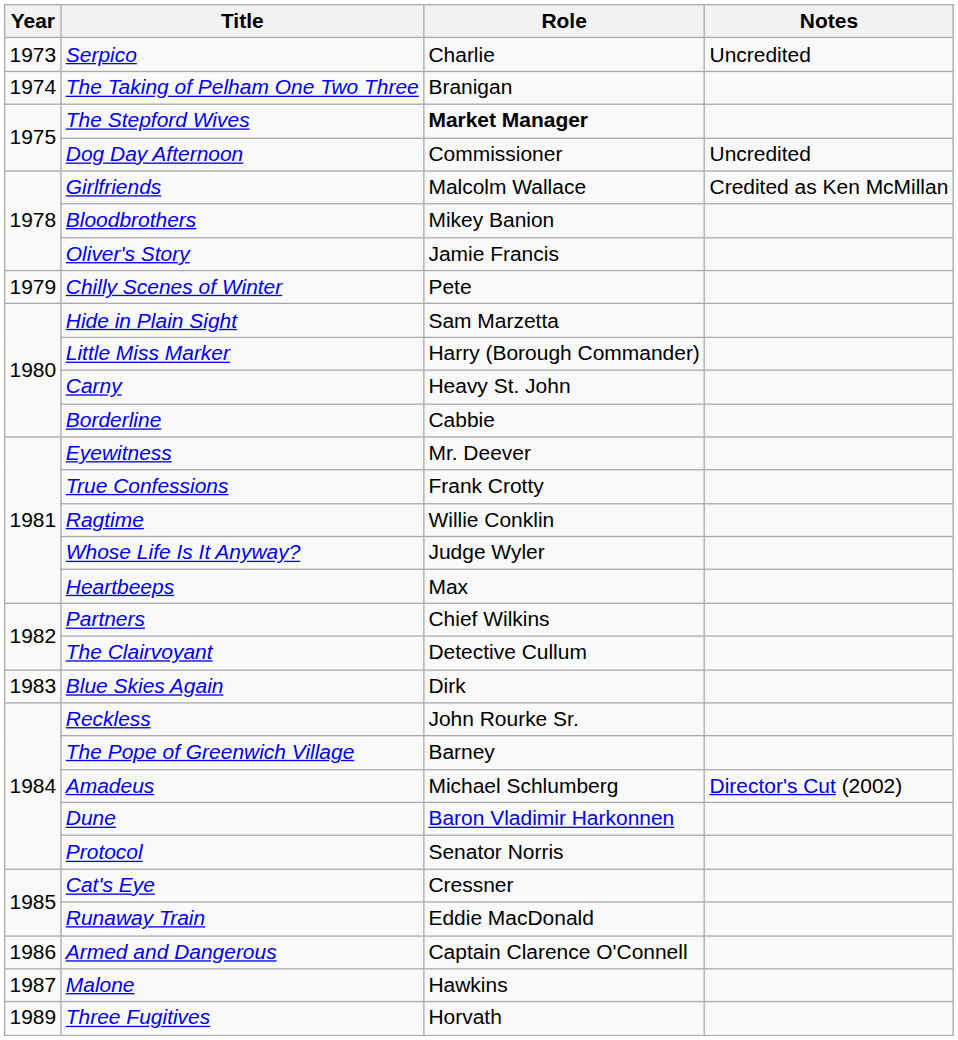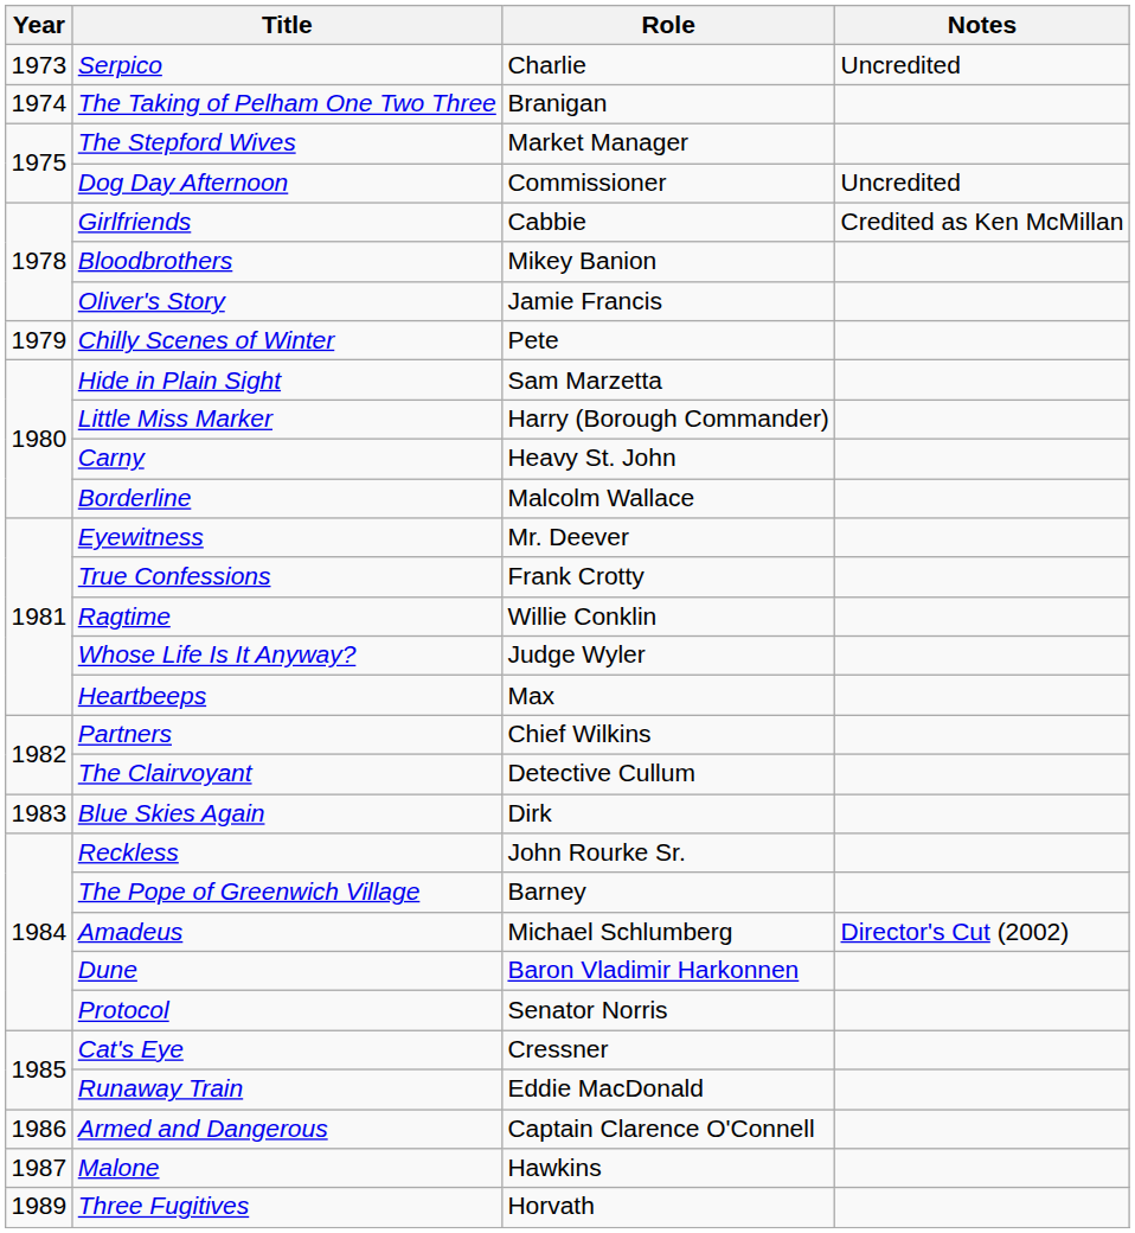 <table class="wikitable sortable">
 <tr>
 <th>Year</th>
 <th>Title</th>
 <th>Role</th>
 <th class="unsortable">Notes</th>
 </tr>
 <tr>
 <td>1973</td>
 <td><em><a href='#'>Serpico</a></em></td>
 <td>Charlie</td>
 <td>Uncredited</td>
 </tr>
 <tr>
 <td>1974</td>
 <td><em><a href='#'>The Taking of Pelham One Two Three</a></em></td>
 <td>Branigan</td>
 <td></td>
 </tr>
 <tr>
 <td rowspan="2">1975</td>
 <td><em><a href='#'>The Stepford Wives</a></em></td>
-<td><strong>Market Manager</strong></td>
+<td>Market Manager</td>
 <td></td>
 </tr>
 <tr>
 <td><em><a href='#'>Dog Day Afternoon</a></em></td>
 <td>Commissioner</td>
 <td>Uncredited</td>
 </tr>
 <tr>
 <td rowspan="3">1978</td>
 <td><em><a href='#'>Girlfriends</a></em></td>
-<td>Malcolm Wallace</td>
+<td>Cabbie</td>
 <td>Credited as Ken McMillan</td>
 </tr>
 <tr>
 <td><em><a href='#'>Bloodbrothers</a></em></td>
 <td>Mikey Banion</td>
 <td></td>
 </tr>
 <tr>
 <td><em><a href='#'>Oliver's Story</a></em></td>
 <td>Jamie Francis</td>
 <td></td>
 </tr>
 <tr>
 <td>1979</td>
 <td><em><a href='#'>Chilly Scenes of Winter</a></em></td>
 <td>Pete</td>
 <td></td>
 </tr>
 <tr>
 <td rowspan="4">1980</td>
 <td><em><a href='#'>Hide in Plain Sight</a></em></td>
 <td>Sam Marzetta</td>
 <td></td>
 </tr>
 <tr>
 <td><em><a href='#'>Little Miss Marker</a></em></td>
 <td>Harry (Borough Commander)</td>
 <td></td>
 </tr>
 <tr>
 <td><em><a href='#'>Carny</a></em></td>
 <td>Heavy St. John</td>
 <td></td>
 </tr>
 <tr>
 <td><em><a href='#'>Borderline</a></em></td>
-<td>Cabbie</td>
+<td>Malcolm Wallace</td>
 <td></td>
 </tr>
 <tr>
 <td rowspan="5">1981</td>
 <td><em><a href='#'>Eyewitness</a></em></td>
 <td>Mr. Deever</td>
 <td></td>
 </tr>
 <tr>
 <td><em><a href='#'>True Confessions</a></em></td>
 <td>Frank Crotty</td>
 <td></td>
 </tr>
 <tr>
 <td><em><a href='#'>Ragtime</a></em></td>
 <td>Willie Conklin</td>
 <td></td>
 </tr>
 <tr>
 <td><em><a href='#'>Whose Life Is It Anyway?</a></em></td>
 <td>Judge Wyler</td>
 <td></td>
 </tr>
 <tr>
 <td><em><a href='#'>Heartbeeps</a></em></td>
 <td>Max</td>
 <td></td>
 </tr>
 <tr>
 <td rowspan="2">1982</td>
 <td><em><a href='#'>Partners</a></em></td>
 <td>Chief Wilkins</td>
 <td></td>
 </tr>
 <tr>
 <td><em><a href='#'>The Clairvoyant</a></em></td>
 <td>Detective Cullum</td>
 <td></td>
 </tr>
 <tr>
 <td>1983</td>
 <td><em><a href='#'>Blue Skies Again</a></em></td>
 <td>Dirk</td>
 <td></td>
 </tr>
 <tr>
 <td rowspan="5">1984</td>
 <td><em><a href='#'>Reckless</a></em></td>
 <td>John Rourke Sr.</td>
 <td></td>
 </tr>
 <tr>
 <td><em><a href='#'>The Pope of Greenwich Village</a></em></td>
 <td>Barney</td>
 <td></td>
 </tr>
 <tr>
 <td><em><a href='#'>Amadeus</a></em></td>
 <td>Michael Schlumberg</td>
 <td><a href='#'>Director's Cut</a> (2002)</td>
 </tr>
 <tr>
 <td><em><a href='#'>Dune</a></em></td>
 <td><a href='#'>Baron Vladimir Harkonnen</a></td>
 <td></td>
 </tr>
 <tr>
 <td><em><a href='#'>Protocol</a></em></td>
 <td>Senator Norris</td>
 <td></td>
 </tr>
 <tr>
 <td rowspan="2">1985</td>
 <td><em><a href='#'>Cat's Eye</a></em></td>
 <td>Cressner</td>
 <td></td>
 </tr>
 <tr>
 <td><em><a href='#'>Runaway Train</a></em></td>
 <td>Eddie MacDonald</td>
 <td></td>
 </tr>
 <tr>
 <td>1986</td>
 <td><em><a href='#'>Armed and Dangerous</a></em></td>
 <td>Captain Clarence O'Connell</td>
 <td></td>
 </tr>
 <tr>
 <td>1987</td>
 <td><em><a href='#'>Malone</a></em></td>
 <td>Hawkins</td>
 <td></td>
 </tr>
 <tr>
 <td>1989</td>
 <td><em><a href='#'>Three Fugitives</a></em></td>
 <td>Horvath</td>
 <td></td>
 </tr>
 <tr>
 </tr>
 </table>
